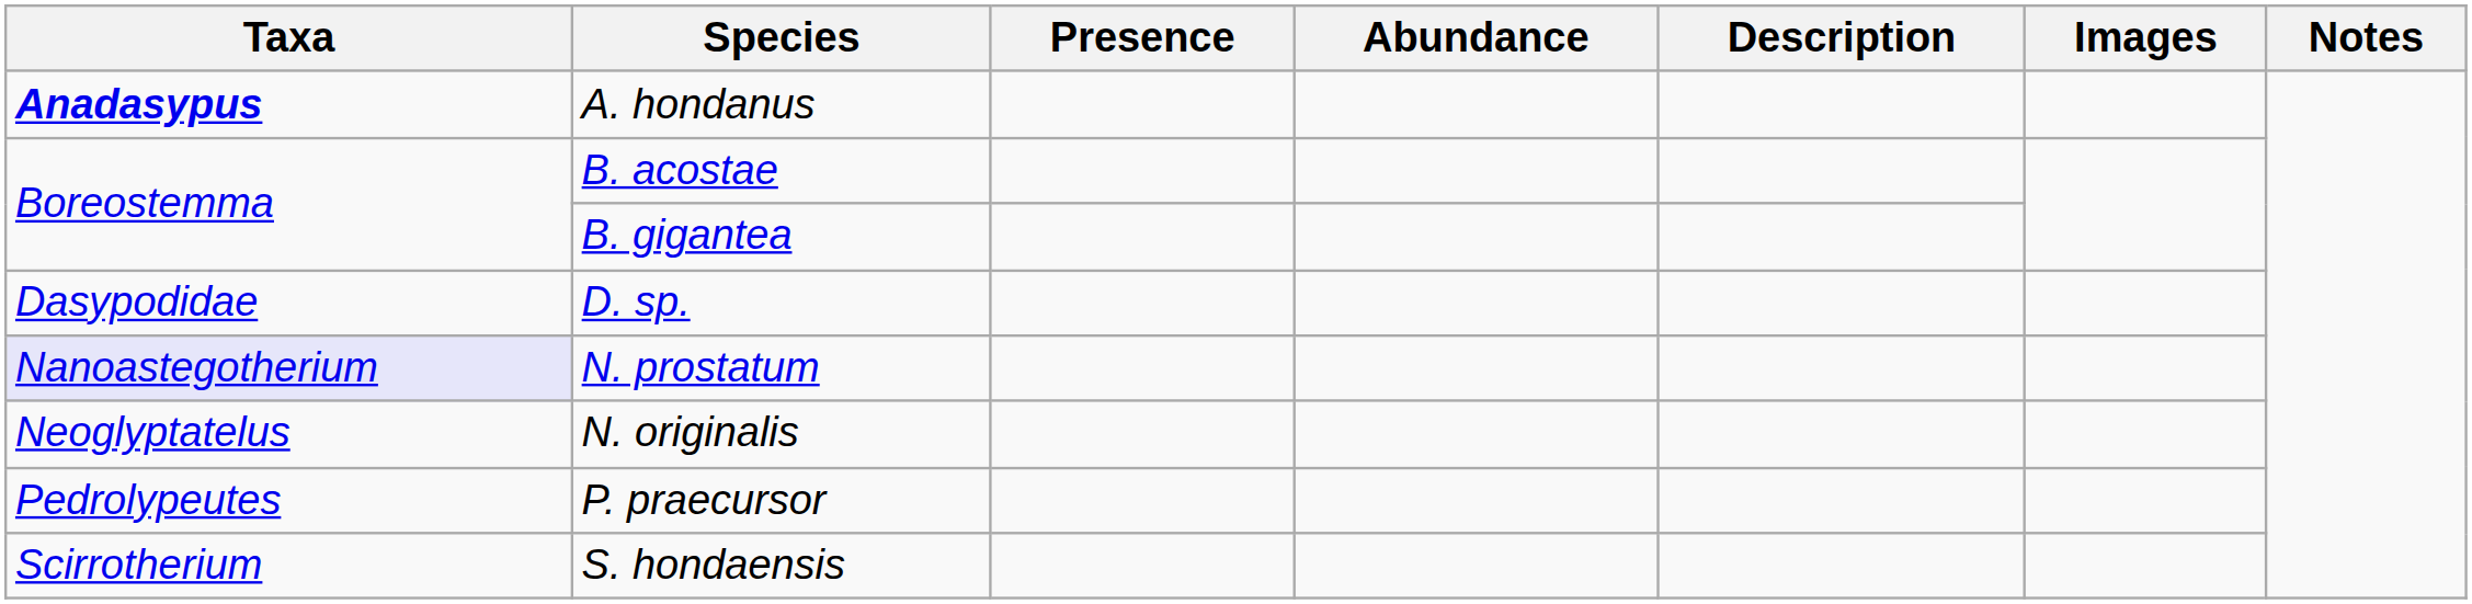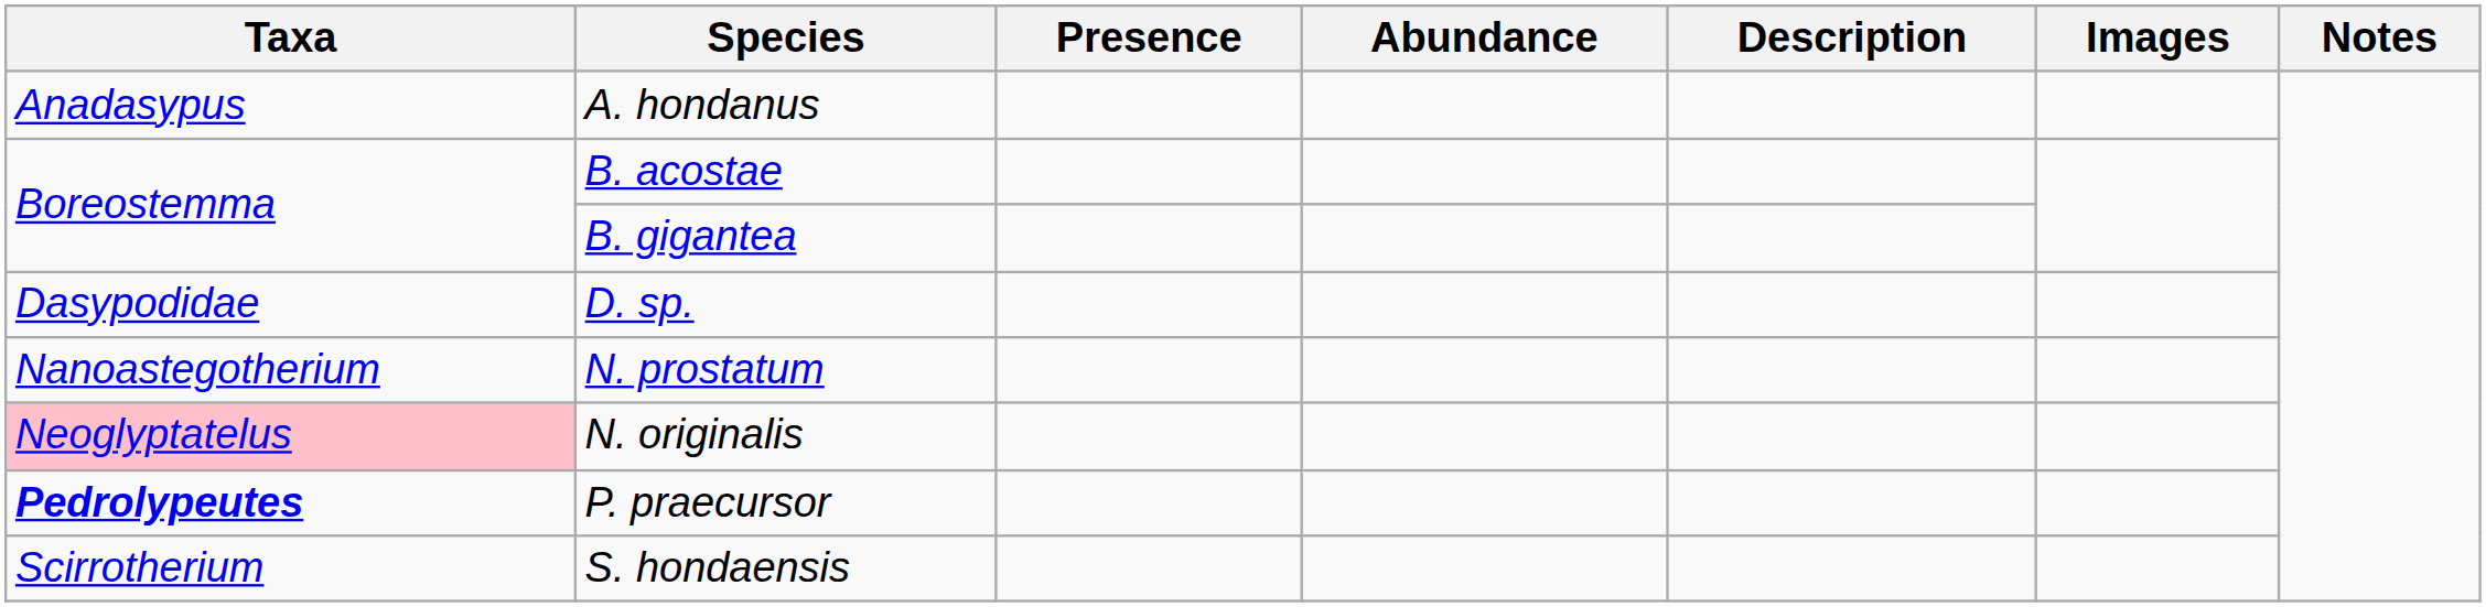 <table class="wikitable sortable" align="center" width="75%">
 <tr>
 <th>Taxa</th>
 <th>Species</th>
 <th>Presence</th>
 <th>Abundance</th>
 <th>Description</th>
 <th>Images</th>
 <th>Notes</th>
 </tr>
 <tr>
-<td><strong><em><a href='#'>Anadasypus</a></em></strong></td>
+<td><em><a href='#'>Anadasypus</a></em></td>
 <td><em>A. hondanus</em></td>
 <td></td>
 <td></td>
 <td></td>
 <td></td>
 <td rowspan = "8"></td>
 </tr>
 <tr>
 <td rowspan = "2"><em><a href='#'>Boreostemma</a></em></td>
 <td><em><a href='#'>B. acostae</a></em></td>
 <td></td>
 <td></td>
 <td></td>
 <td rowspan = "2"></td>
 </tr>
 <tr>
 <td><em><a href='#'>B. gigantea</a></em></td>
 <td></td>
 <td></td>
 <td></td>
 </tr>
 <tr>
 <td><em><a href='#'>Dasypodidae</a></em></td>
 <td><em><a href='#'>D. sp.</a></em></td>
 <td></td>
 <td></td>
 <td></td>
 <td></td>
 </tr>
 <tr>
-<td style="background: lavender;"><em><a href='#'>Nanoastegotherium</a></em></td>
+<td><em><a href='#'>Nanoastegotherium</a></em></td>
 <td><em><a href='#'>N. prostatum</a></em></td>
 <td></td>
 <td></td>
 <td></td>
 <td></td>
 </tr>
 <tr>
-<td><em><a href='#'>Neoglyptatelus</a></em></td>
+<td style="background: pink;"><em><a href='#'>Neoglyptatelus</a></em></td>
 <td><em>N. originalis</em></td>
 <td></td>
 <td></td>
 <td></td>
 <td></td>
 </tr>
 <tr>
-<td><em><a href='#'>Pedrolypeutes</a></em></td>
+<td><strong><em><a href='#'>Pedrolypeutes</a></em></strong></td>
 <td><em>P. praecursor</em></td>
 <td></td>
 <td></td>
 <td></td>
 <td></td>
 </tr>
 <tr>
 <td><em><a href='#'>Scirrotherium</a></em></td>
 <td><em>S. hondaensis</em></td>
 <td></td>
 <td></td>
 <td></td>
 <td></td>
 </tr>
 </table>
